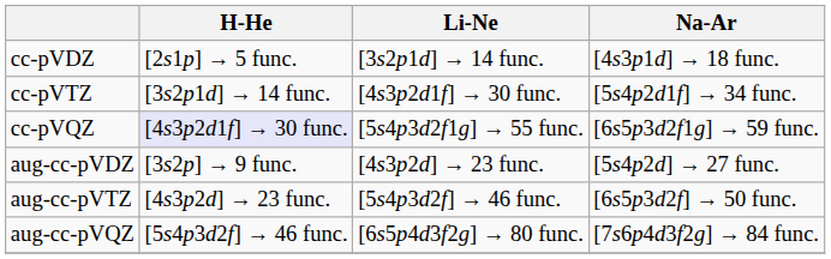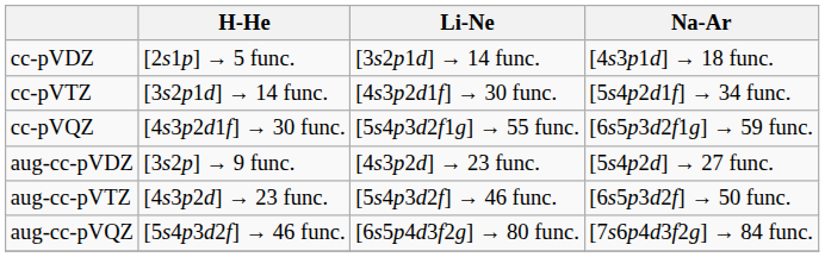 <table class="wikitable">
 <tr>
 <th></th>
 <th>H-He</th>
 <th>Li-Ne</th>
 <th>Na-Ar</th>
 </tr>
 <tr>
 <td>cc-pVDZ</td>
 <td>[2<em>s</em>1<em>p</em>] → 5 func.</td>
 <td>[3<em>s</em>2<em>p</em>1<em>d</em>] → 14 func.</td>
 <td>[4<em>s</em>3<em>p</em>1<em>d</em>] → 18 func.</td>
 </tr>
 <tr>
 <td>cc-pVTZ</td>
 <td>[3<em>s</em>2<em>p</em>1<em>d</em>] → 14 func.</td>
 <td>[4<em>s</em>3<em>p</em>2<em>d</em>1<em>f</em>] → 30 func.</td>
 <td>[5<em>s</em>4<em>p</em>2<em>d</em>1<em>f</em>] → 34 func.</td>
 </tr>
 <tr>
 <td>cc-pVQZ</td>
-<td style="background: lavender;">[4<em>s</em>3<em>p</em>2<em>d</em>1<em>f</em>] → 30 func.</td>
+<td>[4<em>s</em>3<em>p</em>2<em>d</em>1<em>f</em>] → 30 func.</td>
 <td>[5<em>s</em>4<em>p</em>3<em>d</em>2<em>f</em>1<em>g</em>] → 55 func.</td>
 <td>[6<em>s</em>5<em>p</em>3<em>d</em>2<em>f</em>1<em>g</em>] → 59 func.</td>
 </tr>
 <tr>
 <td>aug-cc-pVDZ</td>
 <td>[3<em>s</em>2<em>p</em>] → 9 func.</td>
 <td>[4<em>s</em>3<em>p</em>2<em>d</em>] → 23 func.</td>
 <td>[5<em>s</em>4<em>p</em>2<em>d</em>] → 27 func.</td>
 </tr>
 <tr>
 <td>aug-cc-pVTZ</td>
 <td>[4<em>s</em>3<em>p</em>2<em>d</em>] → 23 func.</td>
 <td>[5<em>s</em>4<em>p</em>3<em>d</em>2<em>f</em>] → 46 func.</td>
 <td>[6<em>s</em>5<em>p</em>3<em>d</em>2<em>f</em>] → 50 func.</td>
 </tr>
 <tr>
 <td>aug-cc-pVQZ</td>
 <td>[5<em>s</em>4<em>p</em>3<em>d</em>2<em>f</em>] → 46 func.</td>
 <td>[6<em>s</em>5<em>p</em>4<em>d</em>3<em>f</em>2<em>g</em>] → 80 func.</td>
 <td>[7<em>s</em>6<em>p</em>4<em>d</em>3<em>f</em>2<em>g</em>] → 84 func.</td>
 </tr>
 <tr>
 </tr>
 </table>
